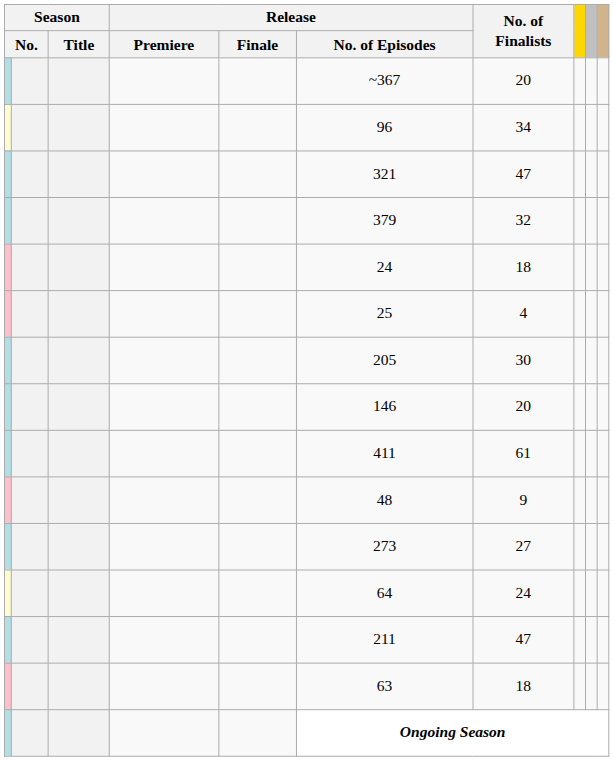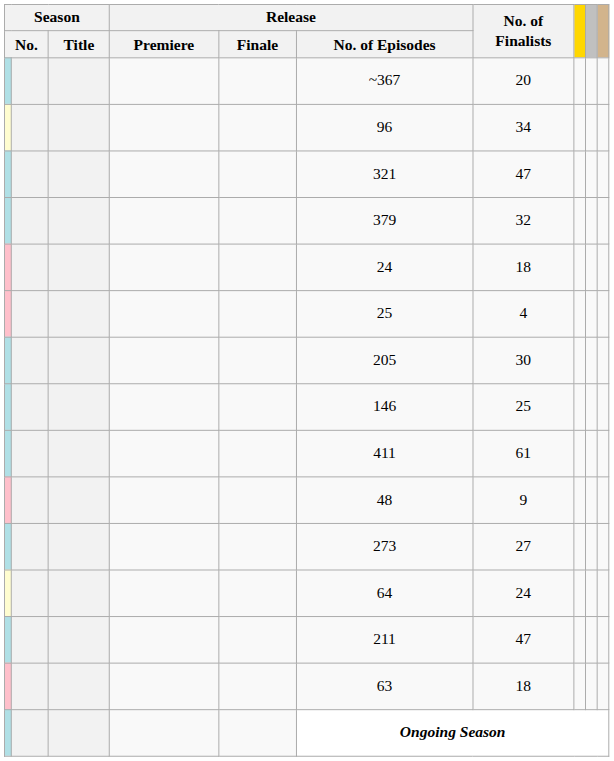 <table class="wikitable" style="text-align:center;width:100%;font-size:100%;line-height:20px;">
 <tr>
 <th colspan="3">Season</th>
 <th colspan="3">Release</th>
 <th rowspan="2">No. of<br>Finalists</th>
 <th rowspan="2" style="background:gold;"></th>
 <th rowspan="2" style="background:silver;"></th>
 <th rowspan="2" style="background:tan;"></th>
 </tr>
 <tr>
 <th colspan="2" width="01%">No.</th>
 <th>Title</th>
 <th>Premiere</th>
 <th>Finale</th>
 <th>No. of Episodes</th>
 </tr>
 <tr style="height: 3em;">
 <th width="01%" style="background:#B0E0E6"></th>
 <th></th>
 <th></th>
 <td></td>
 <td></td>
 <td>~367</td>
 <td>20</td>
 <td></td>
 <td></td>
 <td></td>
 </tr>
 <tr style="height: 3em;">
 <th width="01%" style="background:#FFFDD0"></th>
 <th></th>
 <th></th>
 <td></td>
 <td></td>
 <td>96</td>
 <td>34</td>
 <td></td>
 <td></td>
 <td></td>
 </tr>
 <tr style="height: 3em;">
 <th width="01%" style="background:#B0E0E6"></th>
 <th></th>
 <th></th>
 <td></td>
 <td></td>
 <td>321</td>
 <td>47</td>
 <td></td>
 <td></td>
 <td></td>
 </tr>
 <tr style="height: 3em;">
 <th width="01%" style="background:#B0E0E6"></th>
 <th></th>
 <th></th>
 <td></td>
 <td></td>
 <td>379</td>
 <td>32</td>
 <td></td>
 <td></td>
 <td></td>
 </tr>
 <tr style="height: 3em;">
 <th width="01%" style="background:pink"></th>
 <th></th>
 <th></th>
 <td></td>
 <td></td>
 <td>24</td>
 <td>18</td>
 <td></td>
 <td></td>
 <td></td>
 </tr>
 <tr style="height: 3em;">
 <th width="01%" style="background:pink"></th>
 <th></th>
 <th></th>
 <td></td>
 <td></td>
 <td>25</td>
 <td>4</td>
 <td></td>
 <td></td>
 <td></td>
 </tr>
 <tr style="height: 3em;">
 <th width="01%" style="background:#B0E0E6"></th>
 <th></th>
 <th></th>
 <td></td>
 <td></td>
 <td>205</td>
 <td>30</td>
 <td></td>
 <td></td>
 <td></td>
 </tr>
 <tr style="height: 3em;">
 <th width="01%" style="background:#B0E0E6"></th>
 <th></th>
 <th></th>
 <td></td>
 <td></td>
 <td>146</td>
-<td>20</td>
+<td>25</td>
 <td></td>
 <td></td>
 <td></td>
 </tr>
 <tr style="height: 3em;">
 <th width="01%" style="background:#B0E0E6"></th>
 <th></th>
 <th></th>
 <td></td>
 <td></td>
 <td>411</td>
 <td>61</td>
 <td></td>
 <td></td>
 <td></td>
 </tr>
 <tr style="height: 3em;">
 <th width="01%" style="background:pink"></th>
 <th></th>
 <th></th>
 <td></td>
 <td></td>
 <td>48</td>
 <td>9</td>
 <td><br><i></i></td>
 <td><br><i></i></td>
 <td><br><i></i></td>
 </tr>
 <tr style="height: 3em;">
 <th width="01%" style="background:#B0E0E6"></th>
 <th></th>
 <th></th>
 <td></td>
 <td></td>
 <td>273</td>
 <td>27</td>
 <td></td>
 <td></td>
 <td></td>
 </tr>
 <tr style="height: 3em;">
 <th width="01%" style="background:#FFFDD0"></th>
 <th></th>
 <th></th>
 <td></td>
 <td></td>
 <td>64</td>
 <td>24</td>
 <td></td>
 <td></td>
 <td></td>
 </tr>
 <tr style="height: 3em;">
 <th width="01%" style="background:#B0E0E6"></th>
 <th></th>
 <th></th>
 <td></td>
 <td></td>
 <td>211</td>
 <td>47</td>
 <td></td>
 <td></td>
 <td></td>
 </tr>
 <tr style="height: 3em;">
 <th width="01%" style="background:pink"></th>
 <th></th>
 <th></th>
 <td></td>
 <td></td>
 <td>63</td>
 <td>18</td>
 <td></td>
 <td></td>
 <td></td>
 </tr>
 <tr style="height: 3em;">
 <th width="01%" style="background:#B0E0E6"></th>
 <th></th>
 <th></th>
 <td></td>
 <td></td>
 <td colspan="6" style="background:white;"><strong><em>Ongoing Season</em></strong></td>
 </tr>
 </table>
